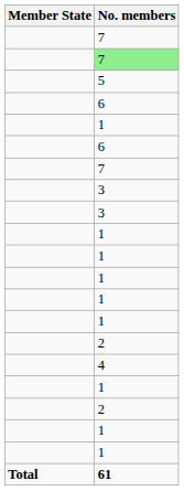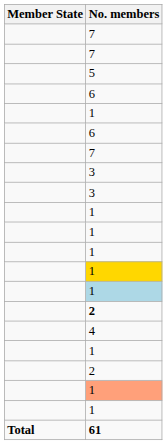 <table class="wikitable">
 <tr>
 <th>Member State</th>
 <th>No. members</th>
 </tr>
 <tr>
 <td></td>
 <td>7</td>
 </tr>
 <tr>
 <td></td>
-<td style="background: lightgreen;">7</td>
+<td>7</td>
 </tr>
 <tr>
 <td></td>
 <td>5</td>
 </tr>
 <tr>
 <td></td>
 <td>6</td>
 </tr>
 <tr>
 <td></td>
 <td>1</td>
 </tr>
 <tr>
 <td></td>
 <td>6</td>
 </tr>
 <tr>
 <td></td>
 <td>7</td>
 </tr>
 <tr>
 <td></td>
 <td>3</td>
 </tr>
 <tr>
 <td></td>
 <td>3</td>
 </tr>
 <tr>
 <td></td>
 <td>1</td>
 </tr>
 <tr>
 <td></td>
 <td>1</td>
 </tr>
 <tr>
 <td></td>
 <td>1</td>
 </tr>
 <tr>
 <td></td>
-<td>1</td>
+<td style="background: gold;">1</td>
 </tr>
 <tr>
 <td></td>
-<td>1</td>
+<td style="background: lightblue;">1</td>
 </tr>
 <tr>
 <td></td>
-<td>2</td>
+<td><strong>2</strong></td>
 </tr>
 <tr>
 <td></td>
 <td>4</td>
 </tr>
 <tr>
 <td></td>
 <td>1</td>
 </tr>
 <tr>
 <td></td>
 <td>2</td>
 </tr>
 <tr>
 <td></td>
-<td>1</td>
+<td style="background: lightsalmon;">1</td>
 </tr>
 <tr>
 <td></td>
 <td>1</td>
 </tr>
 <tr>
 <td><strong>Total</strong></td>
 <td><strong>61</strong></td>
 </tr>
 </table>
